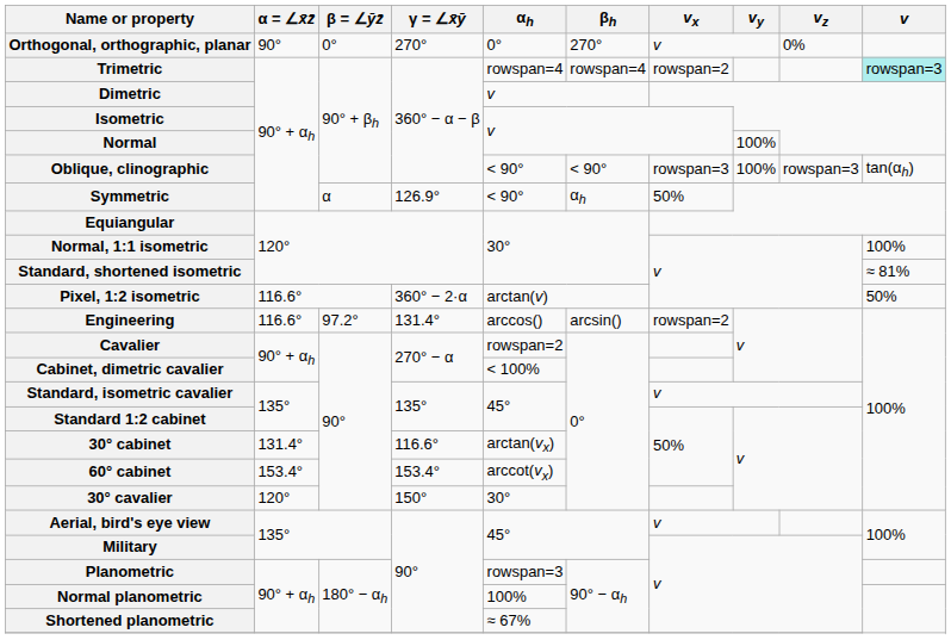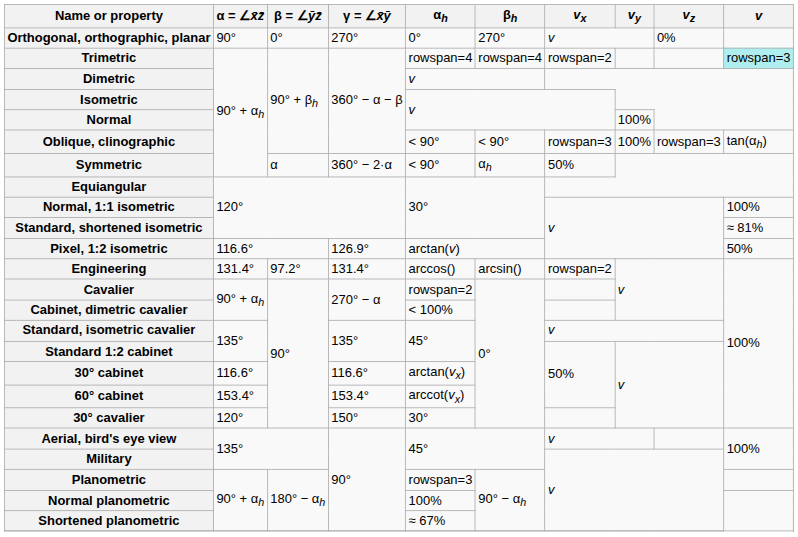 <table class="wikitable">
 <tr>
 <th>Name or property</th>
 <th>α = ∠<em>x̄z̄</em></th>
 <th>β = ∠<em>ȳz̄</em></th>
 <th>γ = ∠<em>x̄ȳ</em></th>
 <th>α<sub><em>h</em></sub></th>
 <th>β<sub><em>h</em></sub></th>
 <th><em>v<sub>x</sub></em></th>
 <th><em>v<sub>y</sub></em></th>
 <th><em>v<sub>z</sub></em></th>
 <th><em>v</em></th>
 </tr>
 <tr>
 <th title="plane, elevation, front-view, top-view, side-view, multiview">Orthogonal, orthographic, planar</th>
 <td>90°</td>
 <td>0°</td>
 <td>270°</td>
 <td>0°</td>
 <td>270°</td>
 <td colspan=2><em>v</em></td>
 <td>0%</td>
 <td></td>
 </tr>
 <tr>
 <th>Trimetric</th>
 <td rowspan=6>90° + α<sub><em>h</em></sub></td>
 <td rowspan=5>90° + β<sub><em>h</em></sub></td>
 <td rowspan=5>360° − α − β</td>
 <td>rowspan=4 </td>
 <td>rowspan=4 </td>
 <td>rowspan=2 </td>
 <td></td>
 <td></td>
 <td style="background: paleturquoise;">rowspan=3 </td>
 </tr>
 <tr>
 <th>Dimetric</th>
 <td colspan=2><em>v</em></td>
 </tr>
 <tr>
 <th>Isometric</th>
 <td rowspan=2 colspan=3><em>v</em></td>
 </tr>
 <tr>
 <th>Normal</th>
 <td>100%</td>
 </tr>
 <tr>
 <th>Oblique, clinographic</th>
 <td>< 90°</td>
 <td>< 90°</td>
 <td>rowspan=3 </td>
 <td>100%</td>
 <td>rowspan=3 </td>
 <td>tan(α<sub><em>h</em></sub>)</td>
 </tr>
 <tr>
 <th>Symmetric</th>
 <td>α</td>
-<td>126.9°</td>
+<td>360° − 2·α</td>
 <td>< 90°</td>
 <td>α<sub><em>h</em></sub></td>
 <td>50%</td>
 </tr>
 <tr>
 <th>Equiangular</th>
 <td rowspan=3 colspan=3>120°</td>
 <td rowspan=3 colspan=2>30°</td>
 </tr>
 <tr>
 <th>Normal, 1:1 isometric</th>
 <td rowspan=3 colspan=3><em>v</em></td>
 <td>100%</td>
 </tr>
 <tr>
 <th>Standard, shortened isometric</th>
 <td> ≈ 81%</td>
 </tr>
 <tr>
 <th>Pixel, 1:2 isometric</th>
 <td colspan=2>116.6°</td>
-<td>360° − 2·α</td>
+<td>126.9°</td>
 <td colspan=2 title="arctan(">arctan(<em>v</em>)</td>
 <td>50%</td>
 </tr>
 <tr>
 <th>Engineering</th>
-<td>116.6°</td>
+<td>131.4°</td>
 <td>97.2°</td>
 <td>131.4°</td>
 <td title="≈ 41.41° ≈ 41°24′35″">arccos()</td>
 <td title="≈ 7.18° ≈ 7°10′51″">arcsin()</td>
 <td>rowspan=2 </td>
 <td rowspan=3 colspan=2><em>v</em></td>
 <td rowspan=8>100%</td>
 </tr>
 <tr>
 <th>Cavalier</th>
 <td rowspan=2>90° + α<sub><em>h</em></sub></td>
 <td rowspan=7>90°</td>
 <td rowspan=2>270° − α</td>
 <td>rowspan=2 </td>
 <td rowspan=7>0°</td>
 <td></td>
 </tr>
 <tr>
 <th>Cabinet, dimetric cavalier</th>
 <td>< 100%</td>
 </tr>
 <tr>
 <th>Standard, isometric cavalier</th>
 <td rowspan=2>135°</td>
 <td rowspan=2>135°</td>
 <td rowspan=2>45°</td>
 <td colspan=3><em>v</em></td>
 </tr>
 <tr>
 <th>Standard 1:2 cabinet</th>
 <td rowspan=3>50%</td>
 <td rowspan=4 colspan=2><em>v</em></td>
 </tr>
 <tr>
 <th>30° cabinet</th>
-<td>131.4°</td>
+<td>116.6°</td>
 <td>116.6°</td>
 <td title="arctan(">arctan(<em>v<sub>x</sub></em>)</td>
 </tr>
 <tr>
 <th>60° cabinet</th>
 <td>153.4°</td>
 <td>153.4°</td>
 <td title="arccot(">arccot(<em>v<sub>x</sub></em>)</td>
 </tr>
 <tr>
 <th>30° cavalier</th>
 <td>120°</td>
 <td>150°</td>
 <td>30°</td>
 <td></td>
 </tr>
 <tr>
 <th>Aerial, bird's eye view</th>
 <td colspan=2 rowspan=2>135°</td>
 <td rowspan=5>90°</td>
 <td rowspan=2 colspan=2>45°</td>
 <td colspan=2><em>v</em></td>
 <td></td>
 <td rowspan=2>100%</td>
 </tr>
 <tr>
 <th>Military</th>
 <td rowspan=4 colspan=3><em>v</em></td>
 </tr>
 <tr>
 <th>Planometric</th>
 <td rowspan=3>90° + α<sub><em>h</em></sub></td>
 <td rowspan=3>180° − α<sub><em>h</em></sub></td>
 <td>rowspan=3 </td>
 <td rowspan=3>90° − α<sub><em>h</em></sub></td>
 <td></td>
 </tr>
 <tr>
 <th>Normal planometric</th>
 <td>100%</td>
 </tr>
 <tr>
 <th>Shortened planometric</th>
 <td> ≈ 67%</td>
 </tr>
 <tr>
 </tr>
 </table>
